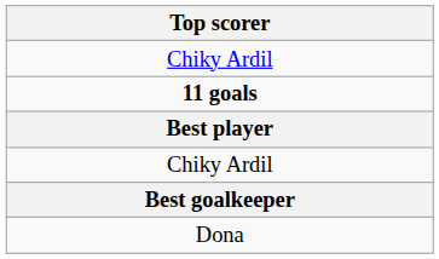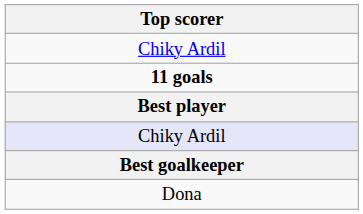 <table class="wikitable" style="margin: 1em auto 1em auto;">
 <tr>
 <th width=300>Top scorer</th>
 </tr>
 <tr align=center style="background:">
 <td style="text-align:center;"> <a href='#'>Chiky Ardil</a></td>
 </tr>
 <tr>
 <td style="text-align:center;"><strong>11 goals</strong></td>
 </tr>
 <tr>
 <th>Best player</th>
 </tr>
 <tr>
-<td style="text-align:center;"> Chiky Ardil</td>
+<td style="background: lavender; text-align:center;"> Chiky Ardil</td>
 </tr>
 <tr>
 <th>Best goalkeeper</th>
 </tr>
 <tr>
 <td style="text-align:center;"> Dona</td>
 </tr>
 </table>
